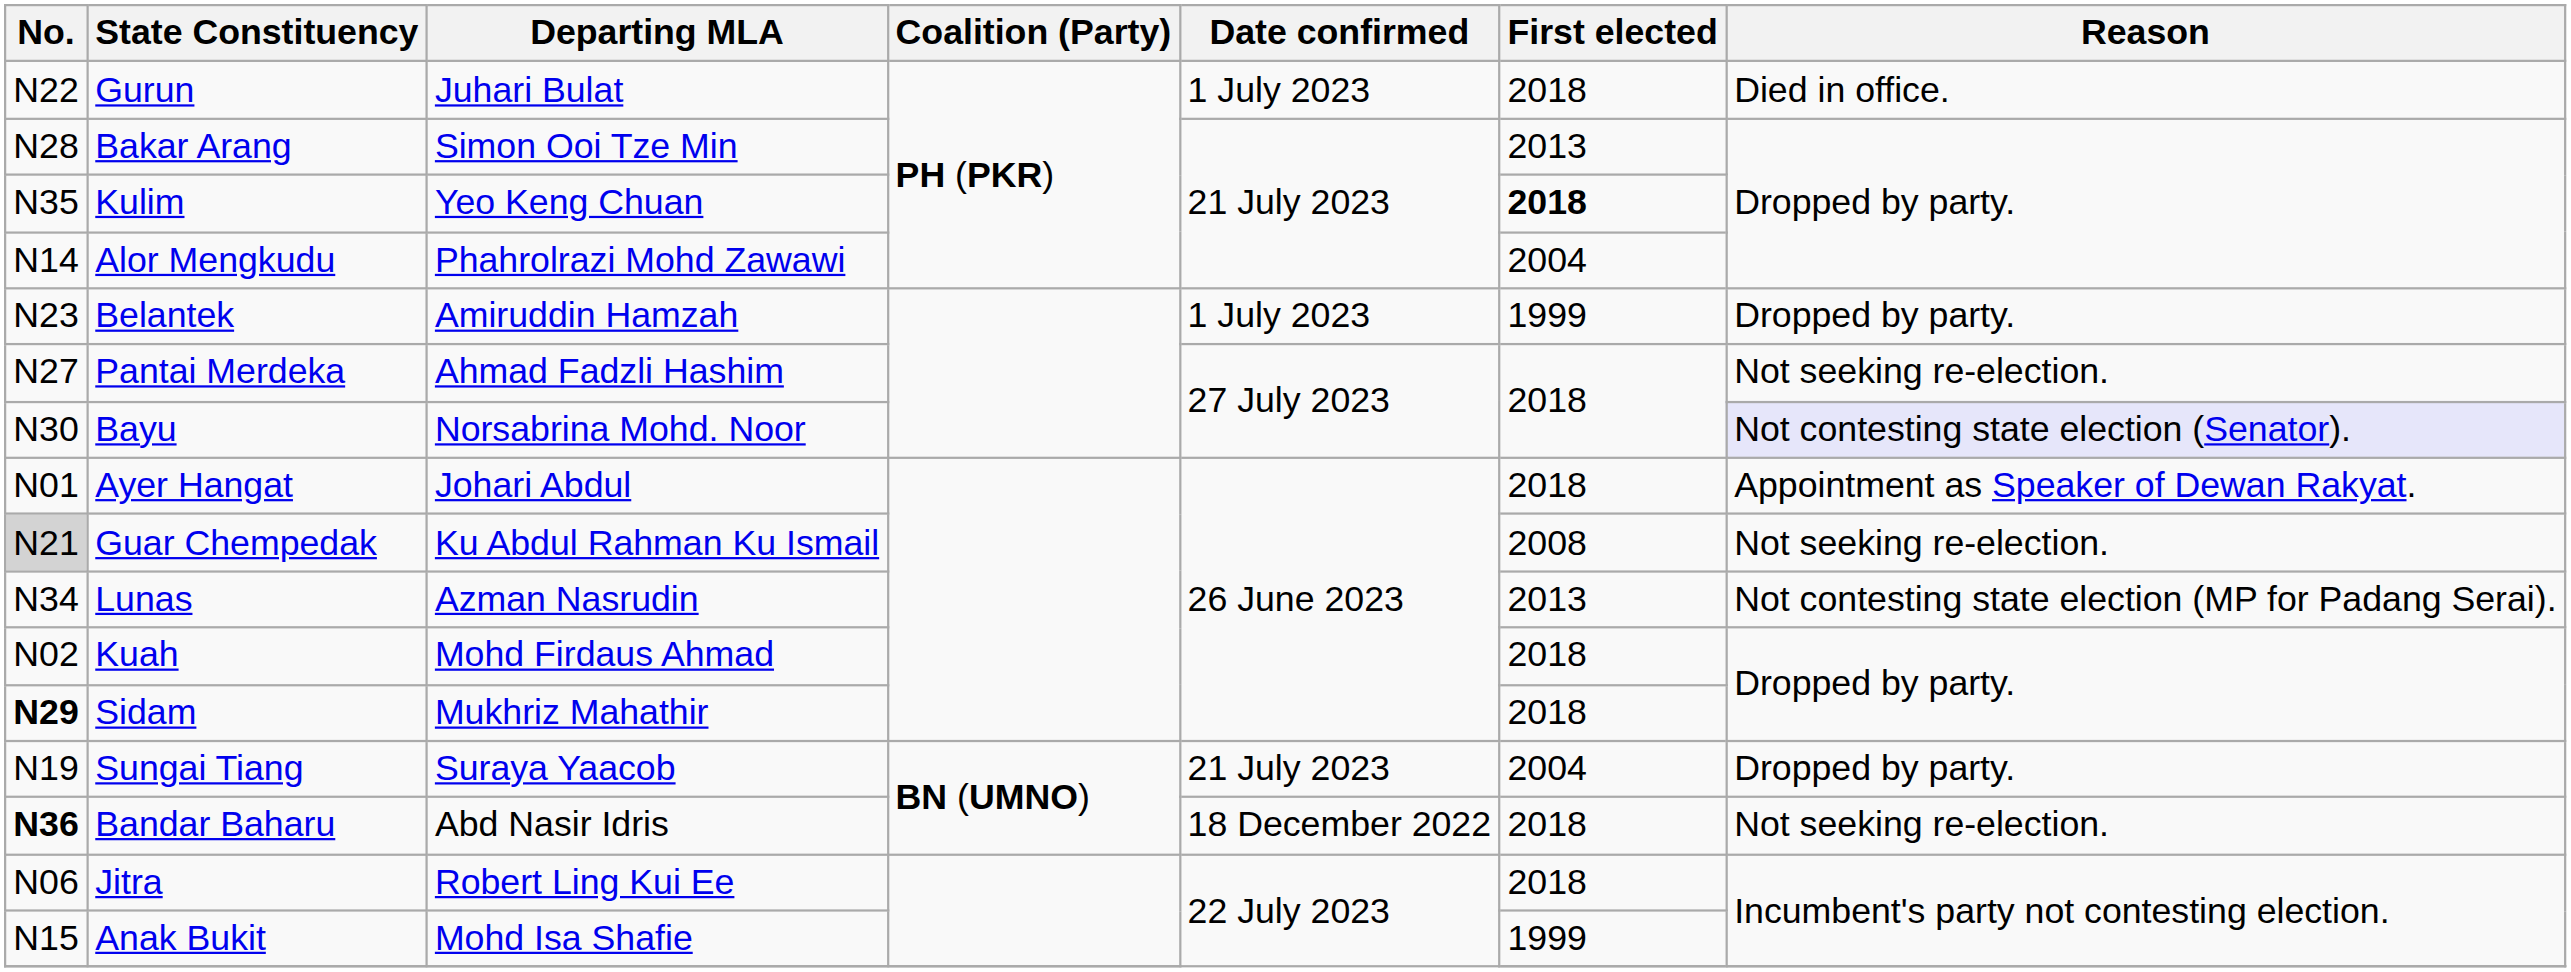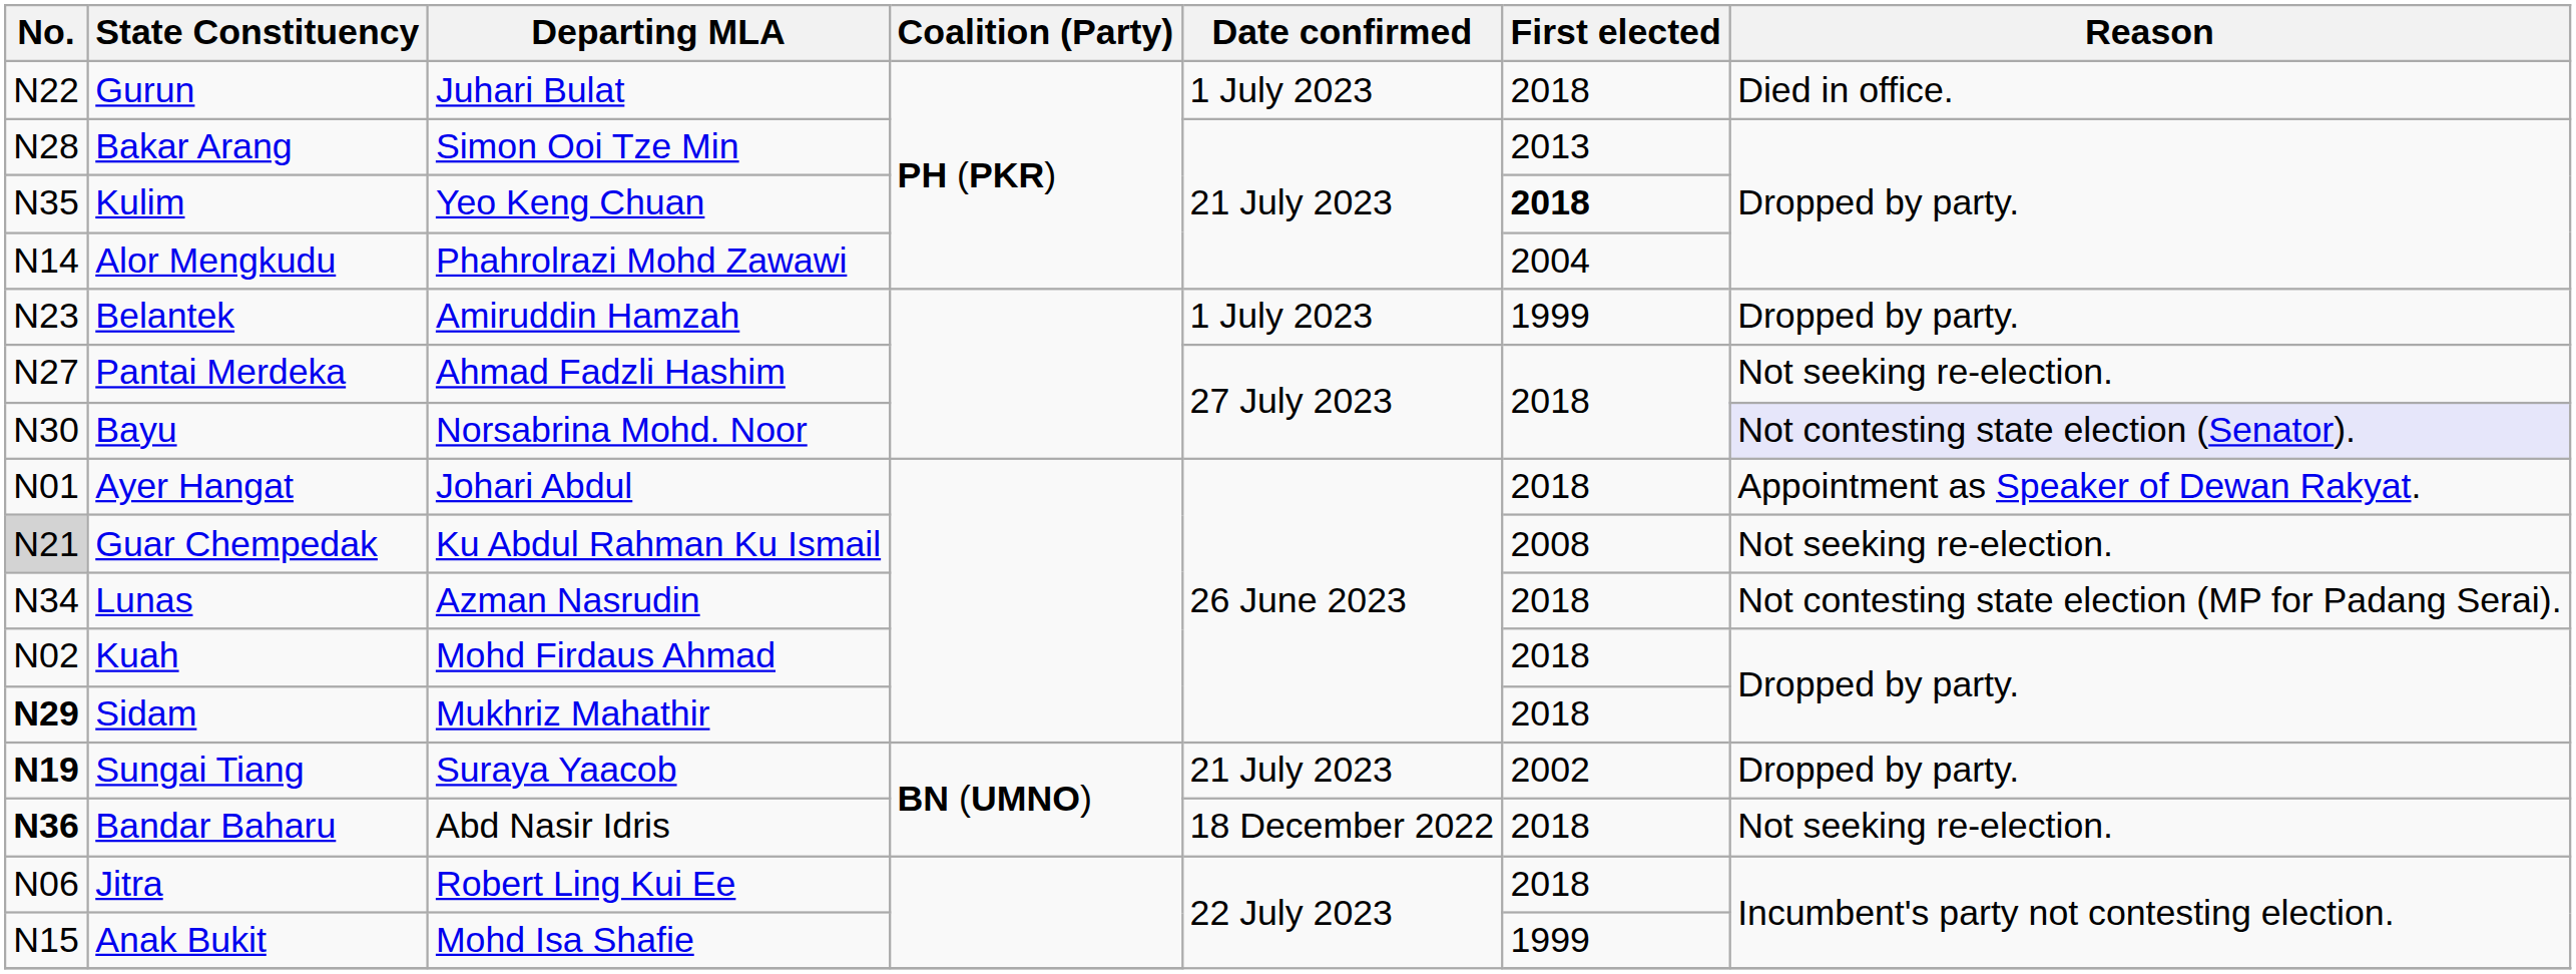 <table class="wikitable">
 <tr>
 <th>No.</th>
 <th>State Constituency</th>
 <th>Departing MLA</th>
 <th>Coalition (Party)</th>
 <th>Date confirmed</th>
 <th>First elected</th>
 <th>Reason</th>
 </tr>
 <tr>
 <td>N22</td>
 <td><a href='#'>Gurun</a></td>
 <td><a href='#'>Juhari Bulat</a></td>
 <td rowspan=4><strong>PH</strong> (<strong>PKR</strong>)</td>
 <td>1 July 2023</td>
 <td>2018</td>
 <td>Died in office.</td>
 </tr>
 <tr>
 <td>N28</td>
 <td><a href='#'>Bakar Arang</a></td>
 <td><a href='#'>Simon Ooi Tze Min</a></td>
 <td rowspan=3>21 July 2023</td>
 <td>2013</td>
 <td rowspan="3">Dropped by party.</td>
 </tr>
 <tr>
 <td>N35</td>
 <td><a href='#'>Kulim</a></td>
 <td><a href='#'>Yeo Keng Chuan</a></td>
 <td><strong>2018</strong></td>
 </tr>
 <tr>
 <td>N14</td>
 <td><a href='#'>Alor Mengkudu</a></td>
 <td><a href='#'>Phahrolrazi Mohd Zawawi</a></td>
 <td>2004</td>
 </tr>
 <tr>
 <td>N23</td>
 <td><a href='#'>Belantek</a></td>
 <td><a href='#'>Amiruddin Hamzah</a></td>
 <td rowspan=3></td>
 <td>1 July 2023</td>
 <td>1999</td>
 <td>Dropped by party.</td>
 </tr>
 <tr>
 <td>N27</td>
 <td><a href='#'>Pantai Merdeka</a></td>
 <td><a href='#'>Ahmad Fadzli Hashim</a></td>
 <td rowspan=2>27 July 2023</td>
 <td rowspan=2>2018</td>
 <td>Not seeking re-election.</td>
 </tr>
 <tr>
 <td>N30</td>
 <td><a href='#'>Bayu</a></td>
 <td><a href='#'>Norsabrina Mohd. Noor</a></td>
 <td style="background: lavender;">Not contesting state election (<a href='#'>Senator</a>).</td>
 </tr>
 <tr>
 <td>N01</td>
 <td><a href='#'>Ayer Hangat</a></td>
 <td><a href='#'>Johari Abdul</a></td>
 <td rowspan=5></td>
 <td rowspan=5>26 June 2023</td>
 <td>2018</td>
 <td>Appointment as <a href='#'>Speaker of Dewan Rakyat</a>.</td>
 </tr>
 <tr>
 <td style="background: lightgrey;">N21</td>
 <td><a href='#'>Guar Chempedak</a></td>
 <td><a href='#'>Ku Abdul Rahman Ku Ismail</a></td>
 <td>2008</td>
 <td>Not seeking re-election.</td>
 </tr>
 <tr>
 <td>N34</td>
 <td><a href='#'>Lunas</a></td>
 <td><a href='#'>Azman Nasrudin</a></td>
-<td>2013</td>
+<td>2018</td>
 <td>Not contesting state election (MP for Padang Serai).</td>
 </tr>
 <tr>
 <td>N02</td>
 <td><a href='#'>Kuah</a></td>
 <td><a href='#'>Mohd Firdaus Ahmad</a></td>
 <td>2018</td>
 <td rowspan=2>Dropped by party.</td>
 </tr>
 <tr>
 <td><strong>N29</strong></td>
 <td><a href='#'>Sidam</a></td>
 <td><a href='#'>Mukhriz Mahathir</a></td>
 <td>2018</td>
 </tr>
 <tr>
-<td>N19</td>
+<td><strong>N19</strong></td>
 <td><a href='#'>Sungai Tiang</a></td>
 <td><a href='#'>Suraya Yaacob</a></td>
 <td rowspan=2><strong>BN</strong> (<strong>UMNO</strong>)</td>
 <td>21 July 2023</td>
-<td>2004</td>
+<td>2002</td>
 <td>Dropped by party.</td>
 </tr>
 <tr>
 <td><strong>N36</strong></td>
 <td><a href='#'>Bandar Baharu</a></td>
 <td>Abd Nasir Idris</td>
 <td>18 December 2022</td>
 <td>2018</td>
 <td>Not seeking re-election.</td>
 </tr>
 <tr>
 <td>N06</td>
 <td><a href='#'>Jitra</a></td>
 <td><a href='#'>Robert Ling Kui Ee</a></td>
 <td rowspan="2"></td>
 <td rowspan="5">22 July 2023</td>
 <td>2018</td>
 <td rowspan="2">Incumbent's party not contesting election.</td>
 </tr>
 <tr>
 <td>N15</td>
 <td><a href='#'>Anak Bukit</a></td>
 <td><a href='#'>Mohd Isa Shafie</a></td>
 <td>1999</td>
 </tr>
 <tr>
 </tr>
 </table>
